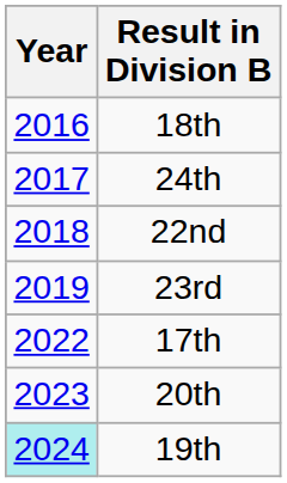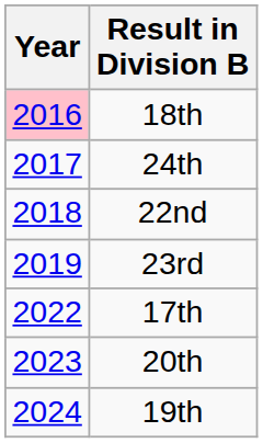 <table class="wikitable" style="text-align:center">
 <tr>
 <th>Year</th>
 <th>Result in<br>Division B</th>
 </tr>
 <tr>
-<td><a href='#'>2016</a></td>
+<td style="background: pink;"><a href='#'>2016</a></td>
 <td>18th</td>
 </tr>
 <tr>
 <td><a href='#'>2017</a></td>
 <td>24th</td>
 </tr>
 <tr>
 <td><a href='#'>2018</a></td>
 <td>22nd</td>
 </tr>
 <tr>
 <td><a href='#'>2019</a></td>
 <td>23rd</td>
 </tr>
 <tr>
 <td><a href='#'>2022</a></td>
 <td>17th</td>
 </tr>
 <tr>
 <td><a href='#'>2023</a></td>
 <td>20th</td>
 </tr>
 <tr>
-<td style="background: paleturquoise;"><a href='#'>2024</a></td>
+<td><a href='#'>2024</a></td>
 <td>19th</td>
 </tr>
 </table>
